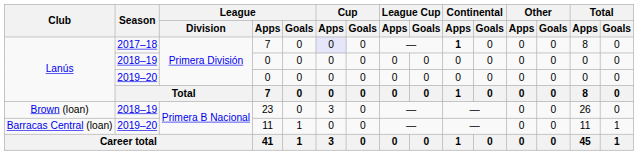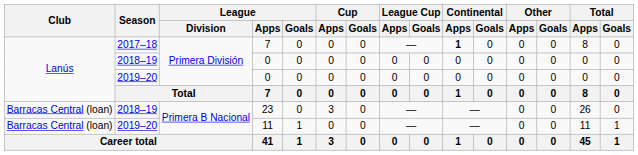 <table class="wikitable" style="text-align:center">
 <tr>
 <th rowspan="2">Club</th>
 <th rowspan="2">Season</th>
 <th colspan="3">League</th>
 <th colspan="2">Cup</th>
 <th colspan="2">League Cup</th>
 <th colspan="2">Continental</th>
 <th colspan="2">Other</th>
 <th colspan="2">Total</th>
 </tr>
 <tr>
 <th>Division</th>
 <th>Apps</th>
 <th>Goals</th>
 <th>Apps</th>
 <th>Goals</th>
 <th>Apps</th>
 <th>Goals</th>
 <th>Apps</th>
 <th>Goals</th>
 <th>Apps</th>
 <th>Goals</th>
 <th>Apps</th>
 <th>Goals</th>
 </tr>
 <tr>
 <td rowspan="4"><a href='#'>Lanús</a></td>
 <td><a href='#'>2017–18</a></td>
 <td rowspan="3"><a href='#'>Primera División</a></td>
 <td>7</td>
 <td>0</td>
-<td style="background: lavender;">0</td>
+<td>0</td>
 <td>0</td>
 <td colspan="2">—</td>
 <td><strong>1</strong></td>
 <td>0</td>
 <td>0</td>
 <td>0</td>
 <td>8</td>
 <td>0</td>
 </tr>
 <tr>
 <td><a href='#'>2018–19</a></td>
 <td>0</td>
 <td>0</td>
 <td>0</td>
 <td>0</td>
 <td>0</td>
 <td>0</td>
 <td>0</td>
 <td>0</td>
 <td>0</td>
 <td>0</td>
 <td>0</td>
 <td>0</td>
 </tr>
 <tr>
 <td><a href='#'>2019–20</a></td>
 <td>0</td>
 <td>0</td>
 <td>0</td>
 <td>0</td>
 <td>0</td>
 <td>0</td>
 <td>0</td>
 <td>0</td>
 <td>0</td>
 <td>0</td>
 <td>0</td>
 <td>0</td>
 </tr>
 <tr>
 <th colspan="2">Total</th>
 <th>7</th>
 <th>0</th>
 <th>0</th>
 <th>0</th>
 <th>0</th>
 <th>0</th>
 <th>1</th>
 <th>0</th>
 <th>0</th>
 <th>0</th>
 <th>8</th>
 <th>0</th>
 </tr>
 <tr>
-<td rowspan="1"><a href='#'>Brown</a> (loan)</td>
+<td rowspan="1"><a href='#'>Barracas Central</a> (loan)</td>
 <td><a href='#'>2018–19</a></td>
 <td rowspan="2"><a href='#'>Primera B Nacional</a></td>
 <td>23</td>
 <td>0</td>
 <td>3</td>
 <td>0</td>
 <td colspan="2">—</td>
 <td colspan="2">—</td>
 <td>0</td>
 <td>0</td>
 <td>26</td>
 <td>0</td>
 </tr>
 <tr>
 <td rowspan="1"><a href='#'>Barracas Central</a> (loan)</td>
 <td><a href='#'>2019–20</a></td>
 <td>11</td>
 <td>1</td>
 <td>0</td>
 <td>0</td>
 <td colspan="2">—</td>
 <td colspan="2">—</td>
 <td>0</td>
 <td>0</td>
 <td>11</td>
 <td>1</td>
 </tr>
 <tr>
 <th colspan="3">Career total</th>
 <th>41</th>
 <th>1</th>
 <th>3</th>
 <th>0</th>
 <th>0</th>
 <th>0</th>
 <th>1</th>
 <th>0</th>
 <th>0</th>
 <th>0</th>
 <th>45</th>
 <th>1</th>
 </tr>
 </table>
